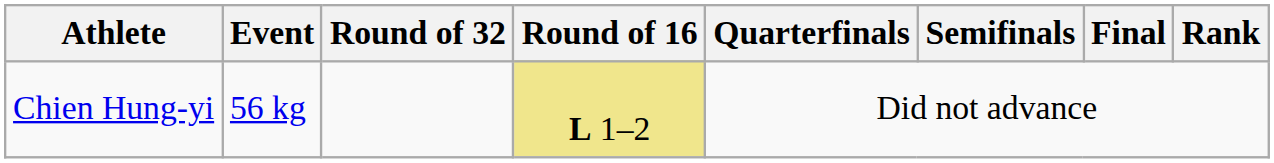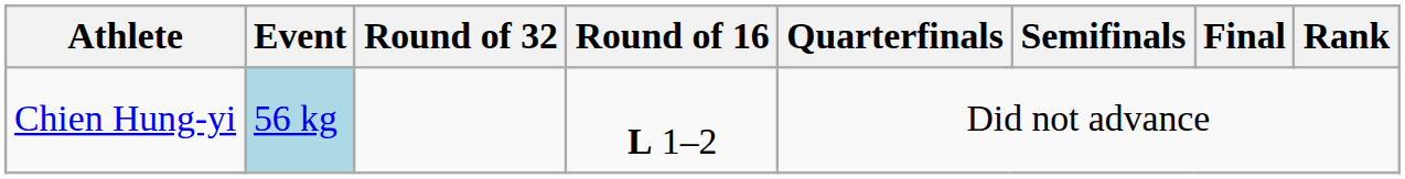 <table class="wikitable" style="text-align:center; font-size:90%">
 <tr>
 <th>Athlete</th>
 <th>Event</th>
 <th>Round of 32</th>
 <th>Round of 16</th>
 <th>Quarterfinals</th>
 <th>Semifinals</th>
 <th>Final</th>
 <th>Rank</th>
 </tr>
 <tr>
 <td align="left"><a href='#'>Chien Hung-yi</a></td>
-<td align="left"><a href='#'>56 kg</a></td>
+<td align="left" style="background: lightblue;"><a href='#'>56 kg</a></td>
 <td></td>
-<td style="background: khaki;"><br><strong>L</strong> 1–2</td>
+<td><br><strong>L</strong> 1–2</td>
 <td colspan="4">Did not advance</td>
 </tr>
 </table>
